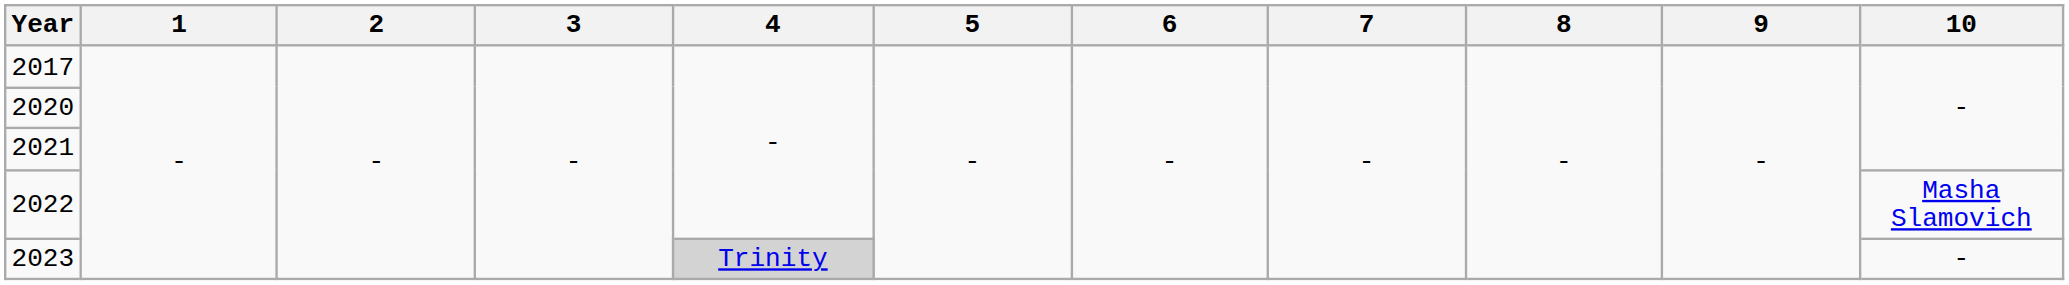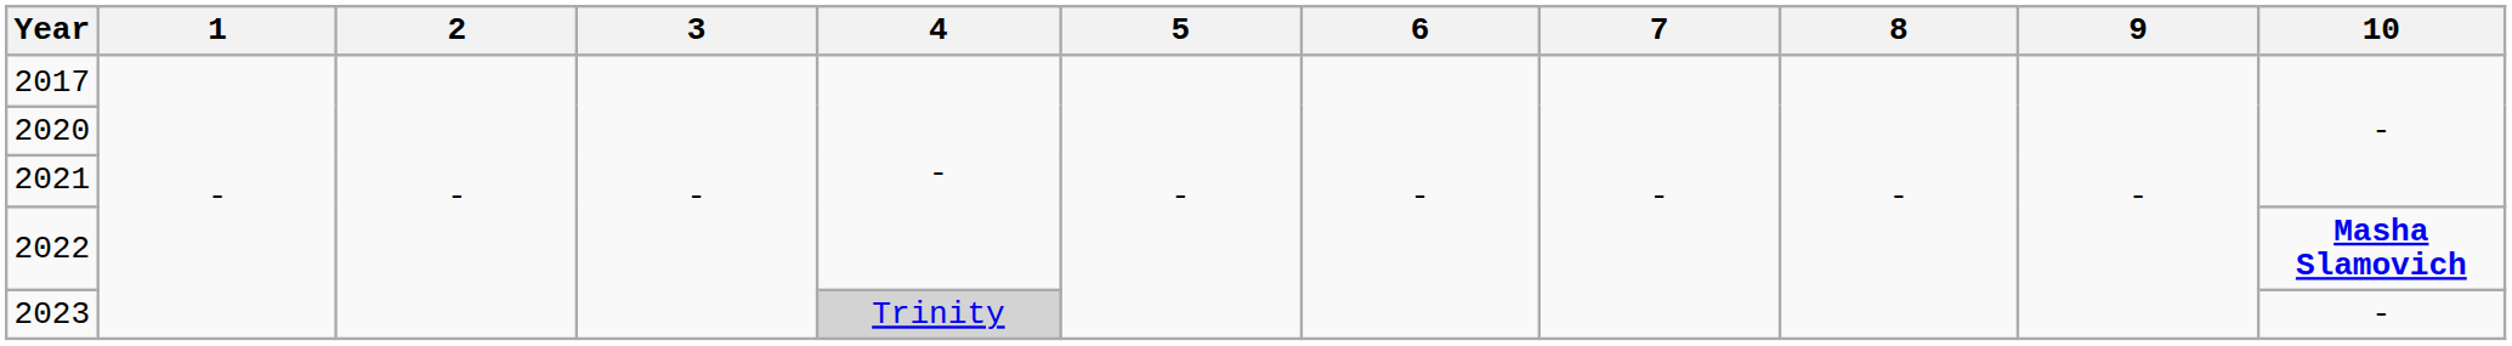 <table class="wikitable" style="font-size:85%; text-align: center">
 <tr>
 <th>Year</th>
 <th width="10%">1</th>
 <th width="10%">2</th>
 <th width="10%">3</th>
 <th width="10%">4</th>
 <th width="10%">5</th>
 <th width="10%">6</th>
 <th width="10%">7</th>
 <th width="10%">8</th>
 <th width="10%">9</th>
 <th width="10%">10</th>
 </tr>
 <tr>
 <td>2017</td>
 <td rowspan=5>-</td>
 <td rowspan=5>-</td>
 <td rowspan=5>-</td>
 <td rowspan=4>-</td>
 <td rowspan=5>-</td>
 <td rowspan=5>-</td>
 <td rowspan=5>-</td>
 <td rowspan=5>-</td>
 <td rowspan=5>-</td>
 <td rowspan=3>-</td>
 </tr>
 <tr>
 <td>2020</td>
 </tr>
 <tr>
 <td>2021</td>
 </tr>
 <tr>
 <td>2022</td>
-<td><a href='#'>Masha Slamovich</a></td>
+<td><strong><a href='#'>Masha Slamovich</a></strong></td>
 </tr>
 <tr>
 <td>2023</td>
 <td style="background: lightgrey;"><a href='#'>Trinity</a></td>
 <td>-</td>
 </tr>
 </table>
